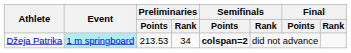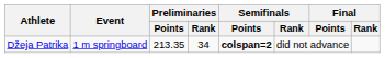 <table class="wikitable" style="text-align:center; font-size:90%">
 <tr>
 <th rowspan="2">Athlete</th>
 <th rowspan="2">Event</th>
 <th colspan="2">Preliminaries</th>
 <th colspan="2">Semifinals</th>
 <th colspan="2">Final</th>
 </tr>
 <tr style="font-size:95%">
 <th>Points</th>
 <th>Rank</th>
 <th>Points</th>
 <th>Rank</th>
 <th>Points</th>
 <th>Rank</th>
 </tr>
 <tr>
 <td align=left><a href='#'>Džeja Patrika</a></td>
-<td align=left style="background: paleturquoise;"><a href='#'>1 m springboard</a></td>
-<td>213.53</td>
+<td align=left><a href='#'>1 m springboard</a></td>
+<td>213.35</td>
 <td>34</td>
 <td><strong>colspan=2 </strong></td>
 <td colspan=2>did not advance</td>
 </tr>
 </table>
